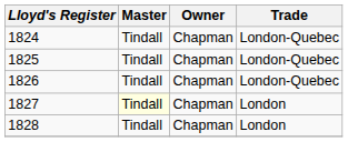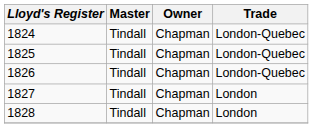 <table class="wikitable sortable" border="1">
 <tr>
 <th><em>Lloyd's Register</em></th>
 <th>Master</th>
 <th>Owner</th>
 <th>Trade</th>
 </tr>
 <tr>
 <td>1824</td>
 <td>Tindall</td>
 <td>Chapman</td>
 <td>London-Quebec</td>
 </tr>
 <tr>
 <td>1825</td>
 <td>Tindall</td>
 <td>Chapman</td>
 <td>London-Quebec</td>
 </tr>
 <tr>
 <td>1826</td>
 <td>Tindall</td>
 <td>Chapman</td>
 <td>London-Quebec</td>
 </tr>
 <tr>
 <td>1827</td>
-<td style="background: lightyellow;">Tindall</td>
+<td>Tindall</td>
 <td>Chapman</td>
 <td>London</td>
 </tr>
 <tr>
 <td>1828</td>
 <td>Tindall</td>
 <td>Chapman</td>
 <td>London</td>
 </tr>
 <tr>
 </tr>
 </table>
